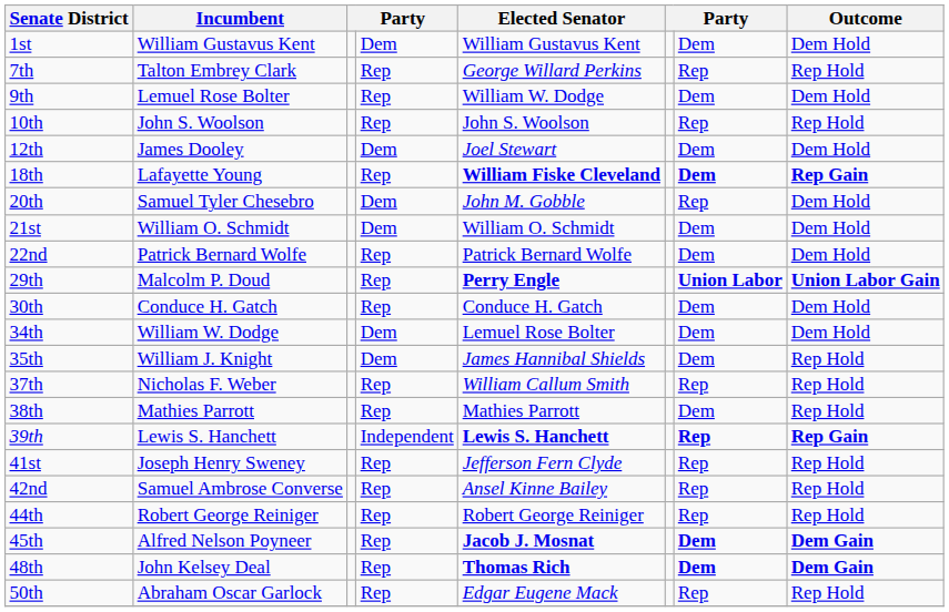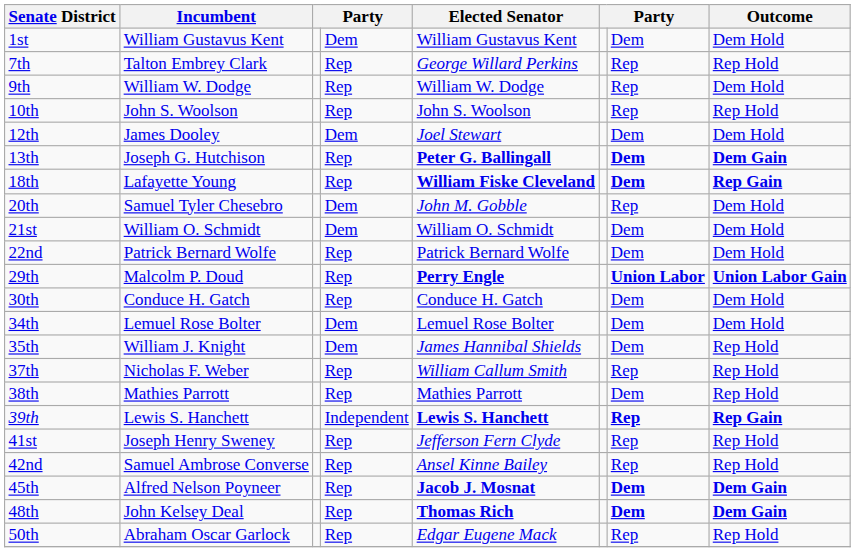 <table class="sortable wikitable" style="font-size:95%;line-height:14px;">
 <tr>
 <th class="sortable"><a href='#'>Senate</a> District</th>
 <th class="sortable"><a href='#'>Incumbent</a></th>
 <th colspan="2">Party</th>
 <th class="sortable">Elected Senator</th>
 <th colspan="2">Party</th>
 <th class="sortable">Outcome</th>
 </tr>
 <tr>
 <td><a href='#'>1st</a></td>
 <td><a href='#'>William Gustavus Kent</a></td>
 <td style="background:"></td>
 <td><a href='#'>Dem</a></td>
 <td><a href='#'>William Gustavus Kent</a></td>
 <td style="background:"></td>
 <td><a href='#'>Dem</a></td>
 <td><a href='#'>Dem Hold</a></td>
 </tr>
 <tr>
 <td><a href='#'>7th</a></td>
 <td><a href='#'>Talton Embrey Clark</a></td>
 <td style="background:"></td>
 <td><a href='#'>Rep</a></td>
 <td><em><a href='#'>George Willard Perkins</a></em></td>
 <td style="background:"></td>
 <td><a href='#'>Rep</a></td>
 <td><a href='#'>Rep Hold</a></td>
 </tr>
 <tr>
 <td><a href='#'>9th</a></td>
-<td><a href='#'>Lemuel Rose Bolter</a></td>
+<td><a href='#'>William W. Dodge</a></td>
 <td style="background:"></td>
 <td><a href='#'>Rep</a></td>
 <td><a href='#'>William W. Dodge</a></td>
 <td style="background:"></td>
-<td><a href='#'>Dem</a></td>
+<td><a href='#'>Rep</a></td>
 <td><a href='#'>Dem Hold</a></td>
 </tr>
 <tr>
 <td><a href='#'>10th</a></td>
 <td><a href='#'>John S. Woolson</a></td>
 <td style="background:"></td>
 <td><a href='#'>Rep</a></td>
 <td><a href='#'>John S. Woolson</a></td>
 <td style="background:"></td>
 <td><a href='#'>Rep</a></td>
 <td><a href='#'>Rep Hold</a></td>
 </tr>
 <tr>
 <td><a href='#'>12th</a></td>
 <td><a href='#'>James Dooley</a></td>
 <td style="background:"></td>
 <td><a href='#'>Dem</a></td>
 <td><em><a href='#'>Joel Stewart</a></em></td>
 <td style="background:"></td>
 <td><a href='#'>Dem</a></td>
 <td><a href='#'>Dem Hold</a></td>
+</tr>
+<tr>
+<td><a href='#'>13th</a></td>
+<td><a href='#'>Joseph G. Hutchison</a></td>
+<td style="background:"></td>
+<td><a href='#'>Rep</a></td>
+<td><strong><a href='#'>Peter G. Ballingall</a></strong></td>
+<td style="background:"></td>
+<td><strong><a href='#'>Dem</a></strong></td>
+<td><strong><a href='#'>Dem Gain</a></strong></td>
 </tr>
 <tr>
 <td><a href='#'>18th</a></td>
 <td><a href='#'>Lafayette Young</a></td>
 <td style="background:"></td>
 <td><a href='#'>Rep</a></td>
 <td><strong><a href='#'>William Fiske Cleveland</a></strong></td>
 <td style="background:"></td>
 <td><strong><a href='#'>Dem</a></strong></td>
 <td><strong><a href='#'>Rep Gain</a></strong></td>
 </tr>
 <tr>
 <td><a href='#'>20th</a></td>
 <td><a href='#'>Samuel Tyler Chesebro</a></td>
 <td style="background:"></td>
 <td><a href='#'>Dem</a></td>
 <td><em><a href='#'>John M. Gobble</a></em></td>
 <td style="background:"></td>
 <td><a href='#'>Rep</a></td>
 <td><a href='#'>Dem Hold</a></td>
 </tr>
 <tr>
 <td><a href='#'>21st</a></td>
 <td><a href='#'>William O. Schmidt</a></td>
 <td style="background:"></td>
 <td><a href='#'>Dem</a></td>
 <td><a href='#'>William O. Schmidt</a></td>
 <td style="background:"></td>
 <td><a href='#'>Dem</a></td>
 <td><a href='#'>Dem Hold</a></td>
 </tr>
 <tr>
 <td><a href='#'>22nd</a></td>
 <td><a href='#'>Patrick Bernard Wolfe</a></td>
 <td style="background:"></td>
 <td><a href='#'>Rep</a></td>
 <td><a href='#'>Patrick Bernard Wolfe</a></td>
 <td style="background:"></td>
 <td><a href='#'>Dem</a></td>
 <td><a href='#'>Dem Hold</a></td>
 </tr>
 <tr>
 <td><a href='#'>29th</a></td>
 <td><a href='#'>Malcolm P. Doud</a></td>
 <td style="background:"></td>
 <td><a href='#'>Rep</a></td>
 <td><strong><a href='#'>Perry Engle</a></strong></td>
 <td style="background:"></td>
 <td><strong><a href='#'>Union Labor</a></strong></td>
 <td><strong><a href='#'>Union Labor Gain</a></strong></td>
 </tr>
 <tr>
 <td><a href='#'>30th</a></td>
 <td><a href='#'>Conduce H. Gatch</a></td>
 <td style="background:"></td>
 <td><a href='#'>Rep</a></td>
 <td><a href='#'>Conduce H. Gatch</a></td>
 <td style="background:"></td>
 <td><a href='#'>Dem</a></td>
 <td><a href='#'>Dem Hold</a></td>
 </tr>
 <tr>
 <td><a href='#'>34th</a></td>
-<td><a href='#'>William W. Dodge</a></td>
+<td><a href='#'>Lemuel Rose Bolter</a></td>
 <td style="background:"></td>
 <td><a href='#'>Dem</a></td>
 <td><a href='#'>Lemuel Rose Bolter</a></td>
 <td style="background:"></td>
 <td><a href='#'>Dem</a></td>
 <td><a href='#'>Dem Hold</a></td>
 </tr>
 <tr>
 <td><a href='#'>35th</a></td>
 <td><a href='#'>William J. Knight</a></td>
 <td style="background:"></td>
 <td><a href='#'>Dem</a></td>
 <td><em><a href='#'>James Hannibal Shields</a></em></td>
 <td style="background:"></td>
 <td><a href='#'>Dem</a></td>
 <td><a href='#'>Rep Hold</a></td>
 </tr>
 <tr>
 <td><a href='#'>37th</a></td>
 <td><a href='#'>Nicholas F. Weber</a></td>
 <td style="background:"></td>
 <td><a href='#'>Rep</a></td>
 <td><em><a href='#'>William Callum Smith</a></em></td>
 <td style="background:"></td>
 <td><a href='#'>Rep</a></td>
 <td><a href='#'>Rep Hold</a></td>
 </tr>
 <tr>
 <td><a href='#'>38th</a></td>
 <td><a href='#'>Mathies Parrott</a></td>
 <td style="background:"></td>
 <td><a href='#'>Rep</a></td>
 <td><a href='#'>Mathies Parrott</a></td>
 <td style="background:"></td>
 <td><a href='#'>Dem</a></td>
 <td><a href='#'>Rep Hold</a></td>
 </tr>
 <tr>
 <td><em><a href='#'>39th</a></em></td>
 <td><a href='#'>Lewis S. Hanchett</a></td>
 <td style="background:"></td>
 <td><a href='#'>Independent</a></td>
 <td><strong><a href='#'>Lewis S. Hanchett</a></strong></td>
 <td style="background:"></td>
 <td><strong><a href='#'>Rep</a></strong></td>
 <td><strong><a href='#'>Rep Gain</a></strong></td>
 </tr>
 <tr>
 <td><a href='#'>41st</a></td>
 <td><a href='#'>Joseph Henry Sweney</a></td>
 <td style="background:"></td>
 <td><a href='#'>Rep</a></td>
 <td><em><a href='#'>Jefferson Fern Clyde</a></em></td>
 <td style="background:"></td>
 <td><a href='#'>Rep</a></td>
 <td><a href='#'>Rep Hold</a></td>
 </tr>
 <tr>
 <td><a href='#'>42nd</a></td>
 <td><a href='#'>Samuel Ambrose Converse</a></td>
 <td style="background:"></td>
 <td><a href='#'>Rep</a></td>
 <td><em><a href='#'>Ansel Kinne Bailey</a></em></td>
 <td style="background:"></td>
 <td><a href='#'>Rep</a></td>
 <td><a href='#'>Rep Hold</a></td>
 </tr>
 <tr>
-<td><a href='#'>44th</a></td>
-<td><a href='#'>Robert George Reiniger</a></td>
-<td style="background:"></td>
-<td><a href='#'>Rep</a></td>
-<td><a href='#'>Robert George Reiniger</a></td>
-<td style="background:"></td>
-<td><a href='#'>Rep</a></td>
-<td><a href='#'>Rep Hold</a></td>
-</tr>
-<tr>
 <td><a href='#'>45th</a></td>
 <td><a href='#'>Alfred Nelson Poyneer</a></td>
 <td style="background:"></td>
 <td><a href='#'>Rep</a></td>
 <td><strong><a href='#'>Jacob J. Mosnat</a></strong></td>
 <td style="background:"></td>
 <td><strong><a href='#'>Dem</a></strong></td>
 <td><strong><a href='#'>Dem Gain</a></strong></td>
 </tr>
 <tr>
 <td><a href='#'>48th</a></td>
 <td><a href='#'>John Kelsey Deal</a></td>
 <td style="background:"></td>
 <td><a href='#'>Rep</a></td>
 <td><strong><a href='#'>Thomas Rich</a></strong></td>
 <td style="background:"></td>
 <td><strong><a href='#'>Dem</a></strong></td>
 <td><strong><a href='#'>Dem Gain</a></strong></td>
 </tr>
 <tr>
 <td><a href='#'>50th</a></td>
 <td><a href='#'>Abraham Oscar Garlock</a></td>
 <td style="background:"></td>
 <td><a href='#'>Rep</a></td>
 <td><em><a href='#'>Edgar Eugene Mack</a></em></td>
 <td style="background:"></td>
 <td><a href='#'>Rep</a></td>
 <td><a href='#'>Rep Hold</a></td>
 </tr>
 <tr>
 </tr>
 </table>
